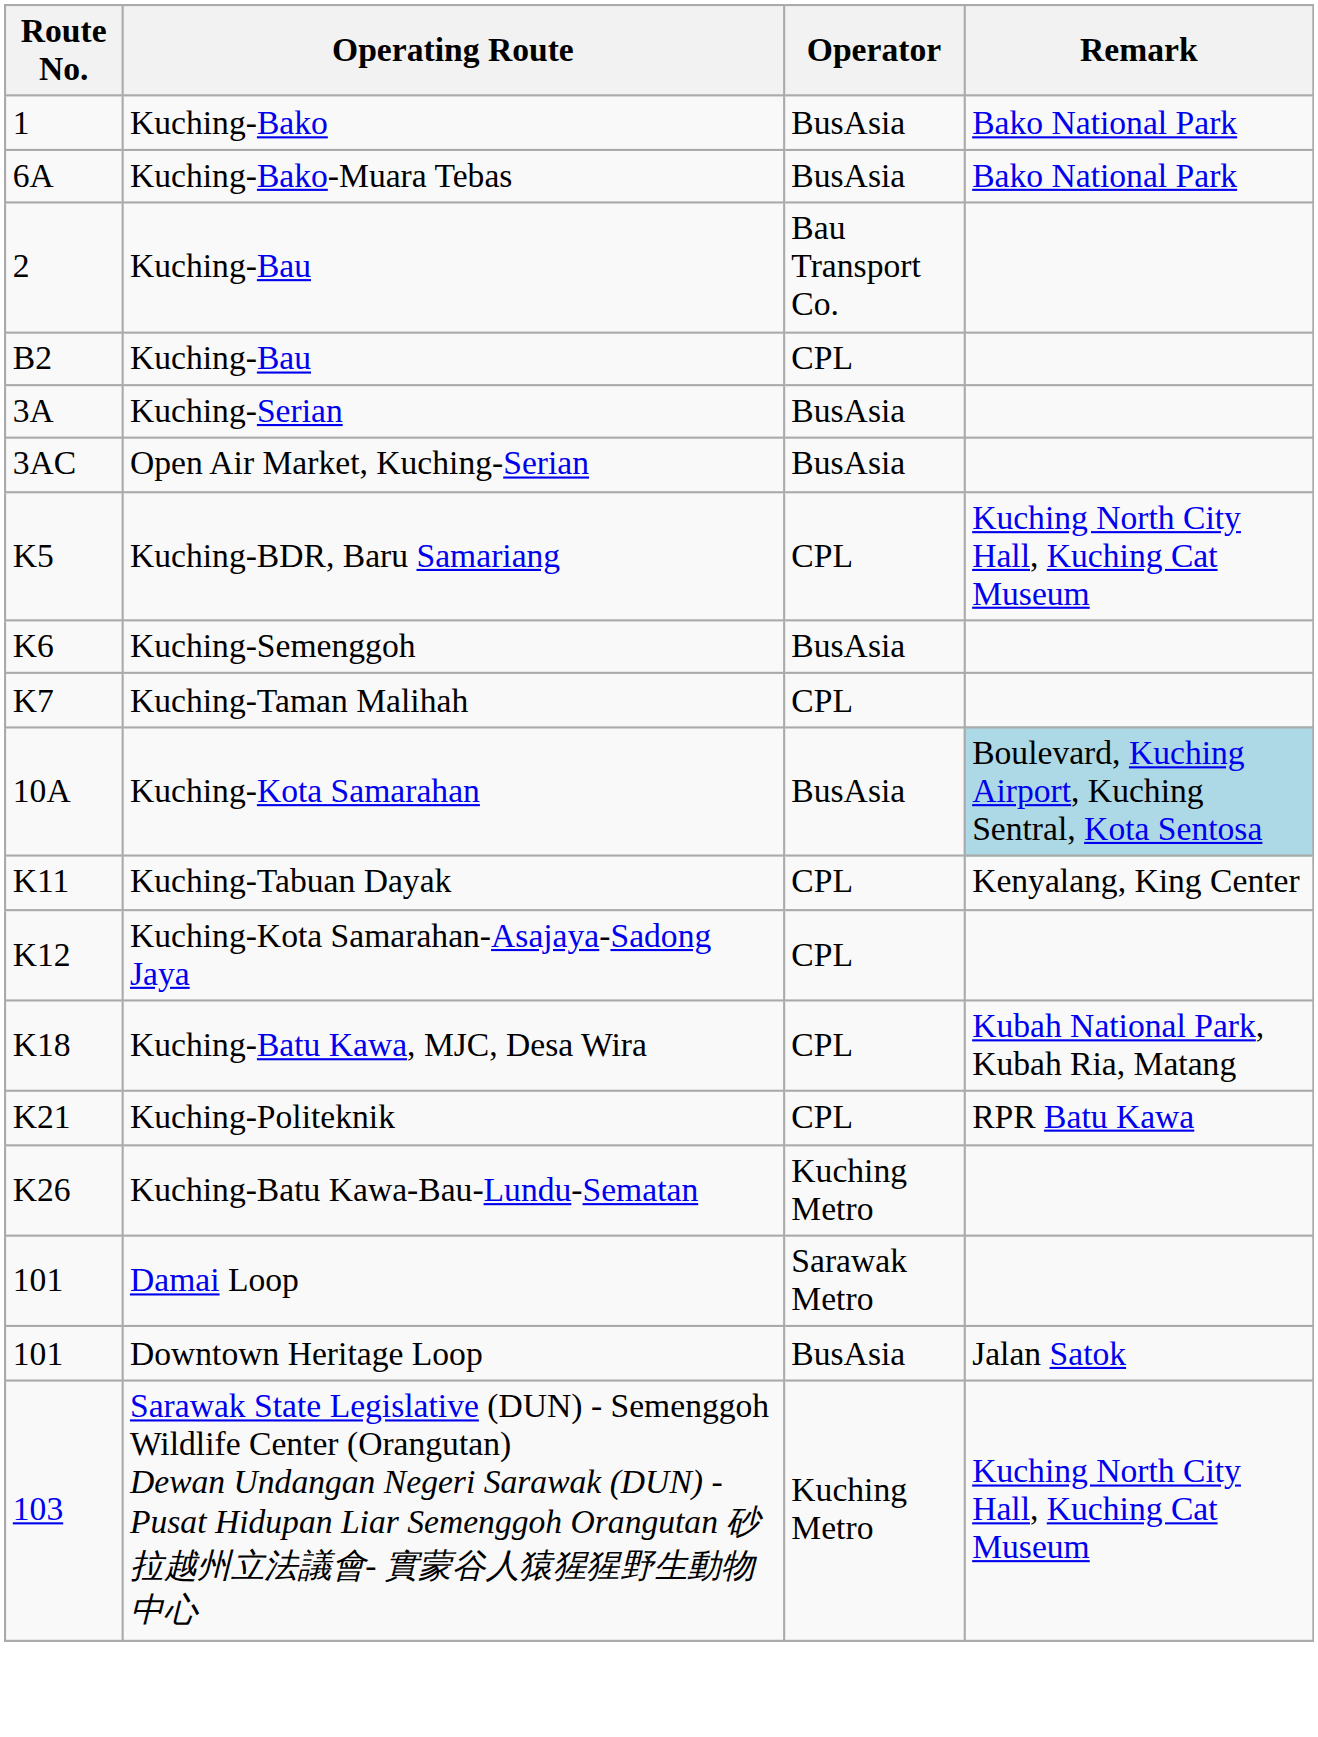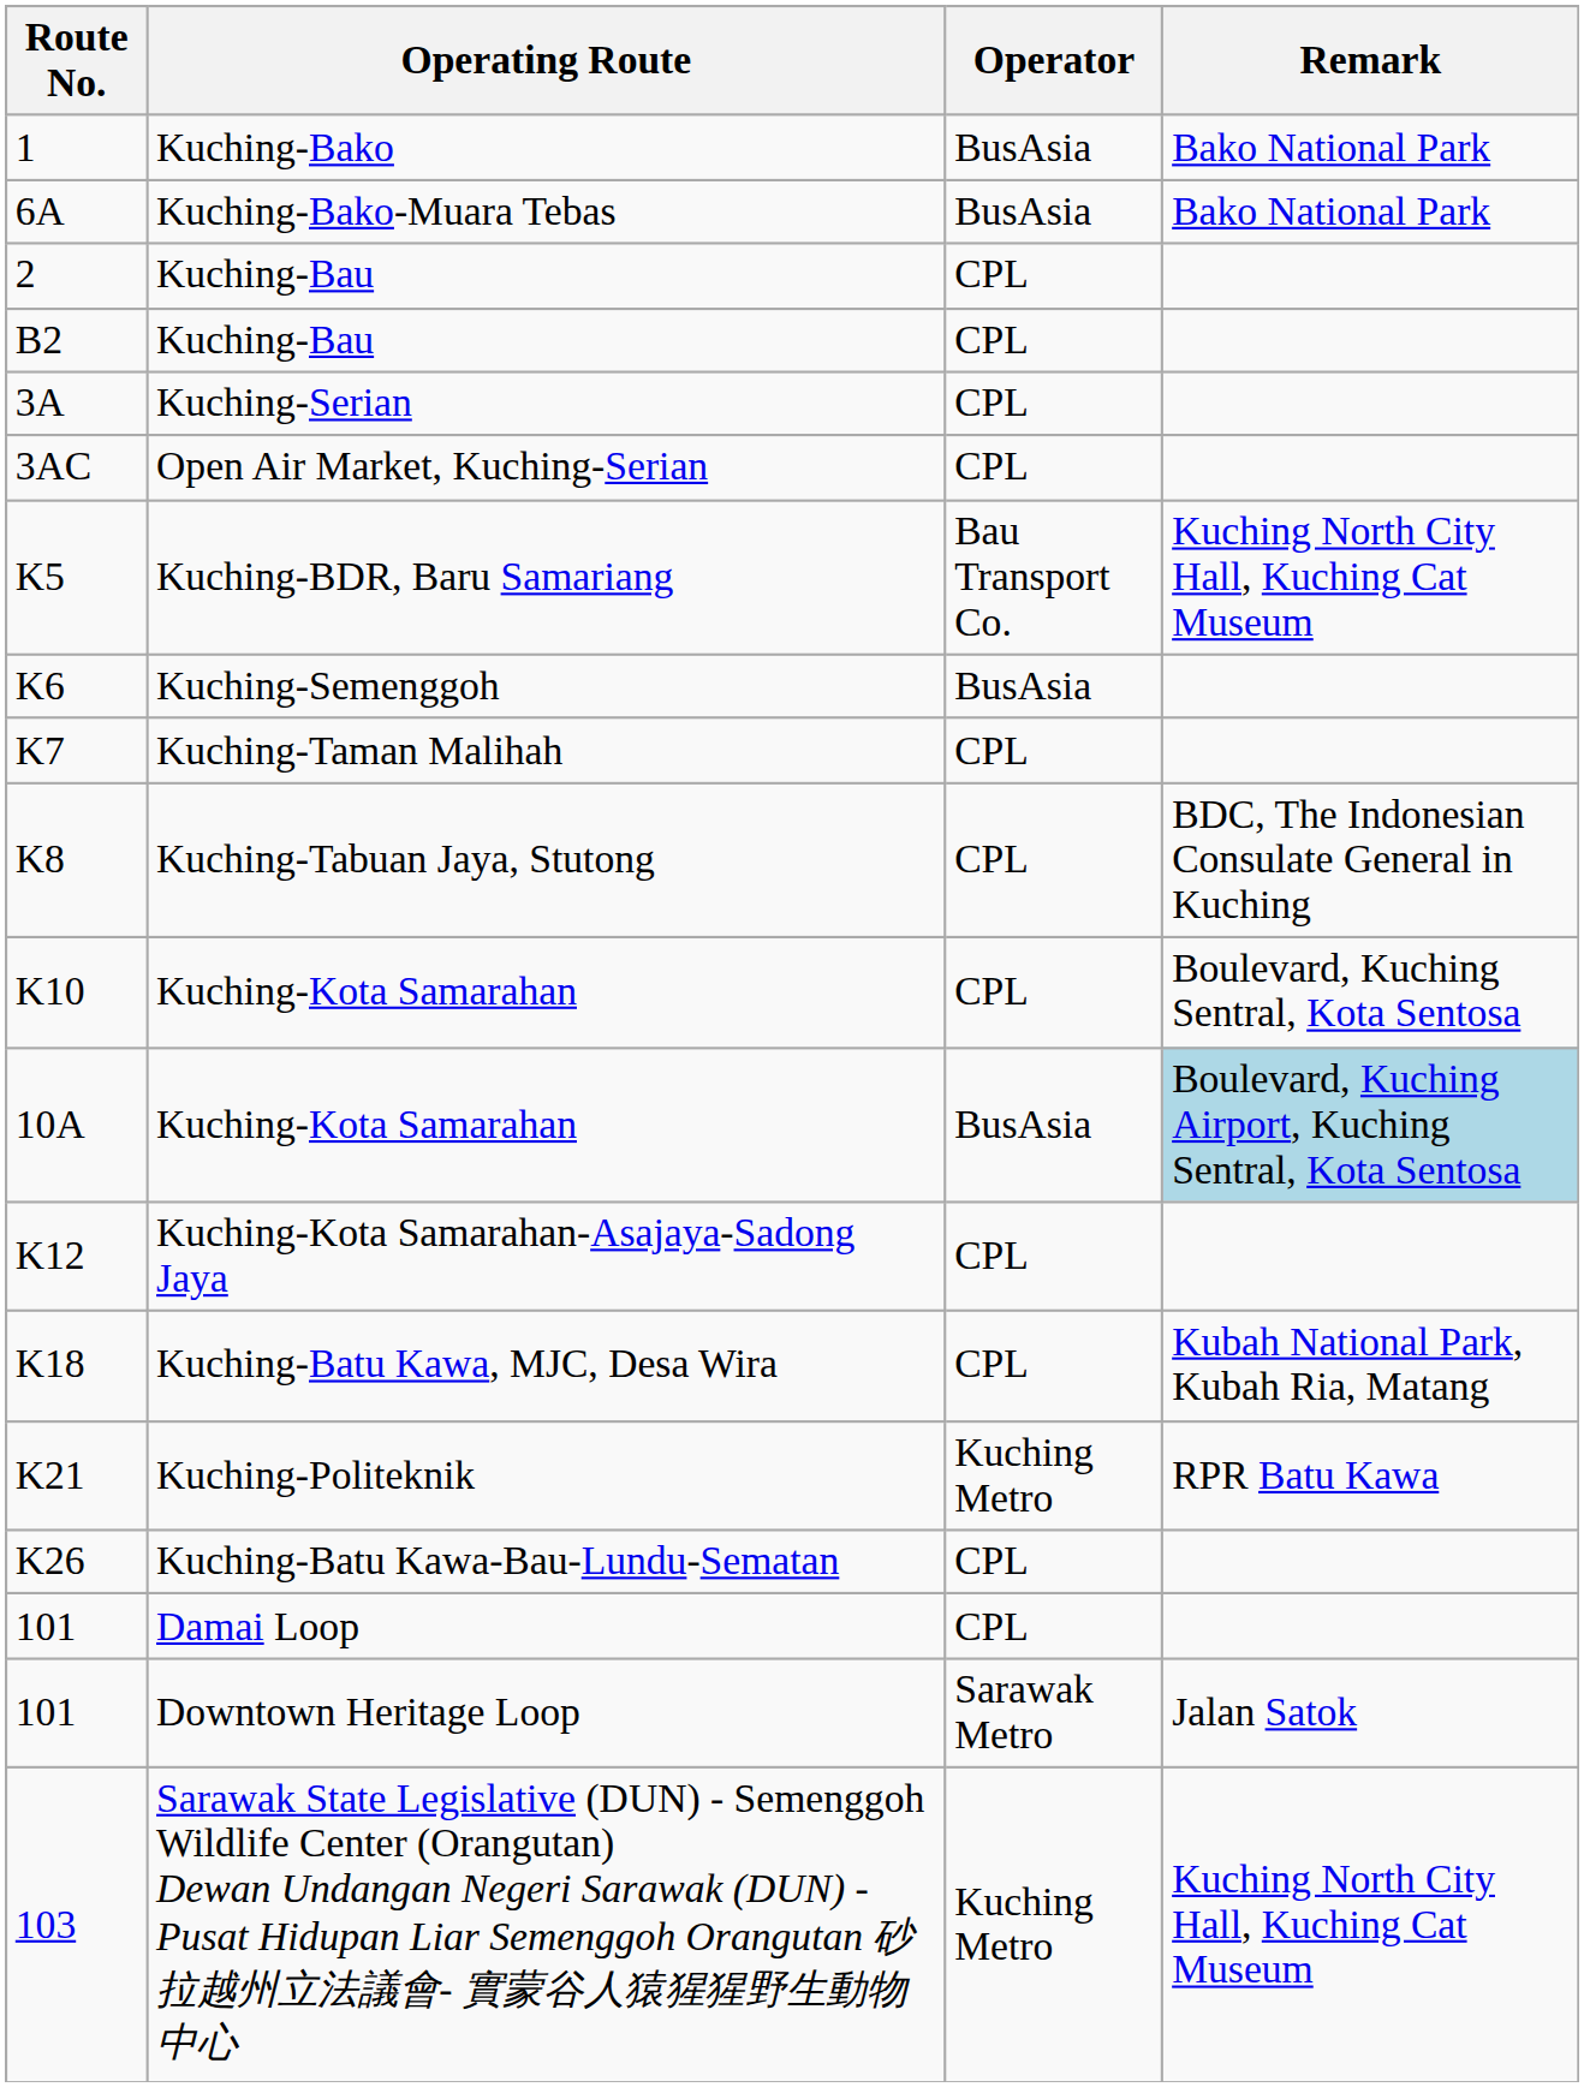 <table class="wikitable" style="width:100%; margin:auto;">
 <tr>
 <th>Route No.</th>
 <th>Operating Route</th>
 <th>Operator</th>
 <th>Remark</th>
 </tr>
 <tr>
 <td>1</td>
 <td>Kuching-<a href='#'>Bako</a></td>
 <td>BusAsia</td>
 <td><a href='#'>Bako National Park</a></td>
 </tr>
 <tr>
 <td>6A</td>
 <td>Kuching-<a href='#'>Bako</a>-Muara Tebas</td>
 <td>BusAsia</td>
 <td><a href='#'>Bako National Park</a></td>
 </tr>
 <tr>
 <td>2</td>
 <td>Kuching-<a href='#'>Bau</a></td>
-<td>Bau Transport Co.</td>
+<td>CPL</td>
 <td></td>
 </tr>
 <tr>
 <td>B2</td>
 <td>Kuching-<a href='#'>Bau</a></td>
 <td>CPL</td>
 <td></td>
 </tr>
 <tr>
 <td>3A</td>
 <td>Kuching-<a href='#'>Serian</a></td>
-<td>BusAsia</td>
+<td>CPL</td>
 <td></td>
 </tr>
 <tr>
 <td>3AC</td>
 <td>Open Air Market, Kuching-<a href='#'>Serian</a></td>
-<td>BusAsia</td>
+<td>CPL</td>
 <td></td>
 </tr>
 <tr>
 <td>K5</td>
 <td>Kuching-BDR, Baru <a href='#'>Samariang</a></td>
-<td>CPL</td>
+<td>Bau Transport Co.</td>
 <td><a href='#'>Kuching North City Hall</a>, <a href='#'>Kuching Cat Museum</a></td>
 </tr>
 <tr>
 <td>K6</td>
 <td>Kuching-Semenggoh</td>
 <td>BusAsia</td>
 <td></td>
 </tr>
 <tr>
 <td>K7</td>
 <td>Kuching-Taman Malihah</td>
 <td>CPL</td>
 <td></td>
 </tr>
 <tr>
+<td>K8</td>
+<td>Kuching-Tabuan Jaya, Stutong</td>
+<td>CPL</td>
+<td>BDC, The Indonesian Consulate General in Kuching</td>
+</tr>
+<tr>
+<td>K10</td>
+<td>Kuching-<a href='#'>Kota Samarahan</a></td>
+<td>CPL</td>
+<td>Boulevard, Kuching Sentral, <a href='#'>Kota Sentosa</a></td>
+</tr>
+<tr>
 <td>10A</td>
 <td>Kuching-<a href='#'>Kota Samarahan</a></td>
 <td>BusAsia</td>
 <td style="background: lightblue;">Boulevard, <a href='#'>Kuching Airport</a>, Kuching Sentral, <a href='#'>Kota Sentosa</a></td>
-</tr>
-<tr>
-<td>K11</td>
-<td>Kuching-Tabuan Dayak</td>
-<td>CPL</td>
-<td>Kenyalang, King Center</td>
 </tr>
 <tr>
 <td>K12</td>
 <td>Kuching-Kota Samarahan-<a href='#'>Asajaya</a>-<a href='#'>Sadong Jaya</a></td>
 <td>CPL</td>
 <td></td>
 </tr>
 <tr>
 <td>K18</td>
 <td>Kuching-<a href='#'>Batu Kawa</a>, MJC, Desa Wira</td>
 <td>CPL</td>
 <td><a href='#'>Kubah National Park</a>, Kubah Ria, Matang</td>
 </tr>
 <tr>
 <td>K21</td>
 <td>Kuching-Politeknik</td>
-<td>CPL</td>
+<td>Kuching Metro</td>
 <td>RPR <a href='#'>Batu Kawa</a></td>
 </tr>
 <tr>
 <td>K26</td>
 <td>Kuching-Batu Kawa-Bau-<a href='#'>Lundu</a>-<a href='#'>Sematan</a></td>
-<td>Kuching Metro</td>
+<td>CPL</td>
 <td></td>
 </tr>
 <tr>
 <td>101</td>
 <td><a href='#'>Damai</a> Loop</td>
-<td>Sarawak Metro</td>
+<td>CPL</td>
 </tr>
 <tr>
 <td>101</td>
 <td>Downtown Heritage Loop</td>
-<td>BusAsia</td>
+<td>Sarawak Metro</td>
 <td>Jalan <a href='#'>Satok</a></td>
 </tr>
 <tr>
 <td><a href='#'>103</a></td>
 <td><a href='#'>Sarawak State Legislative</a> (DUN) - Semenggoh Wildlife Center (Orangutan)<br><em>Dewan Undangan Negeri Sarawak (DUN) - Pusat Hidupan Liar Semenggoh Orangutan</em> <em>砂拉越州立法議會- 實蒙谷人猿猩猩野生動物中心</em> </td>
 <td>Kuching Metro</td>
 <td><a href='#'>Kuching North City Hall</a>, <a href='#'>Kuching Cat Museum</a></td>
 </tr>
 <tr>
 </tr>
 </table>
